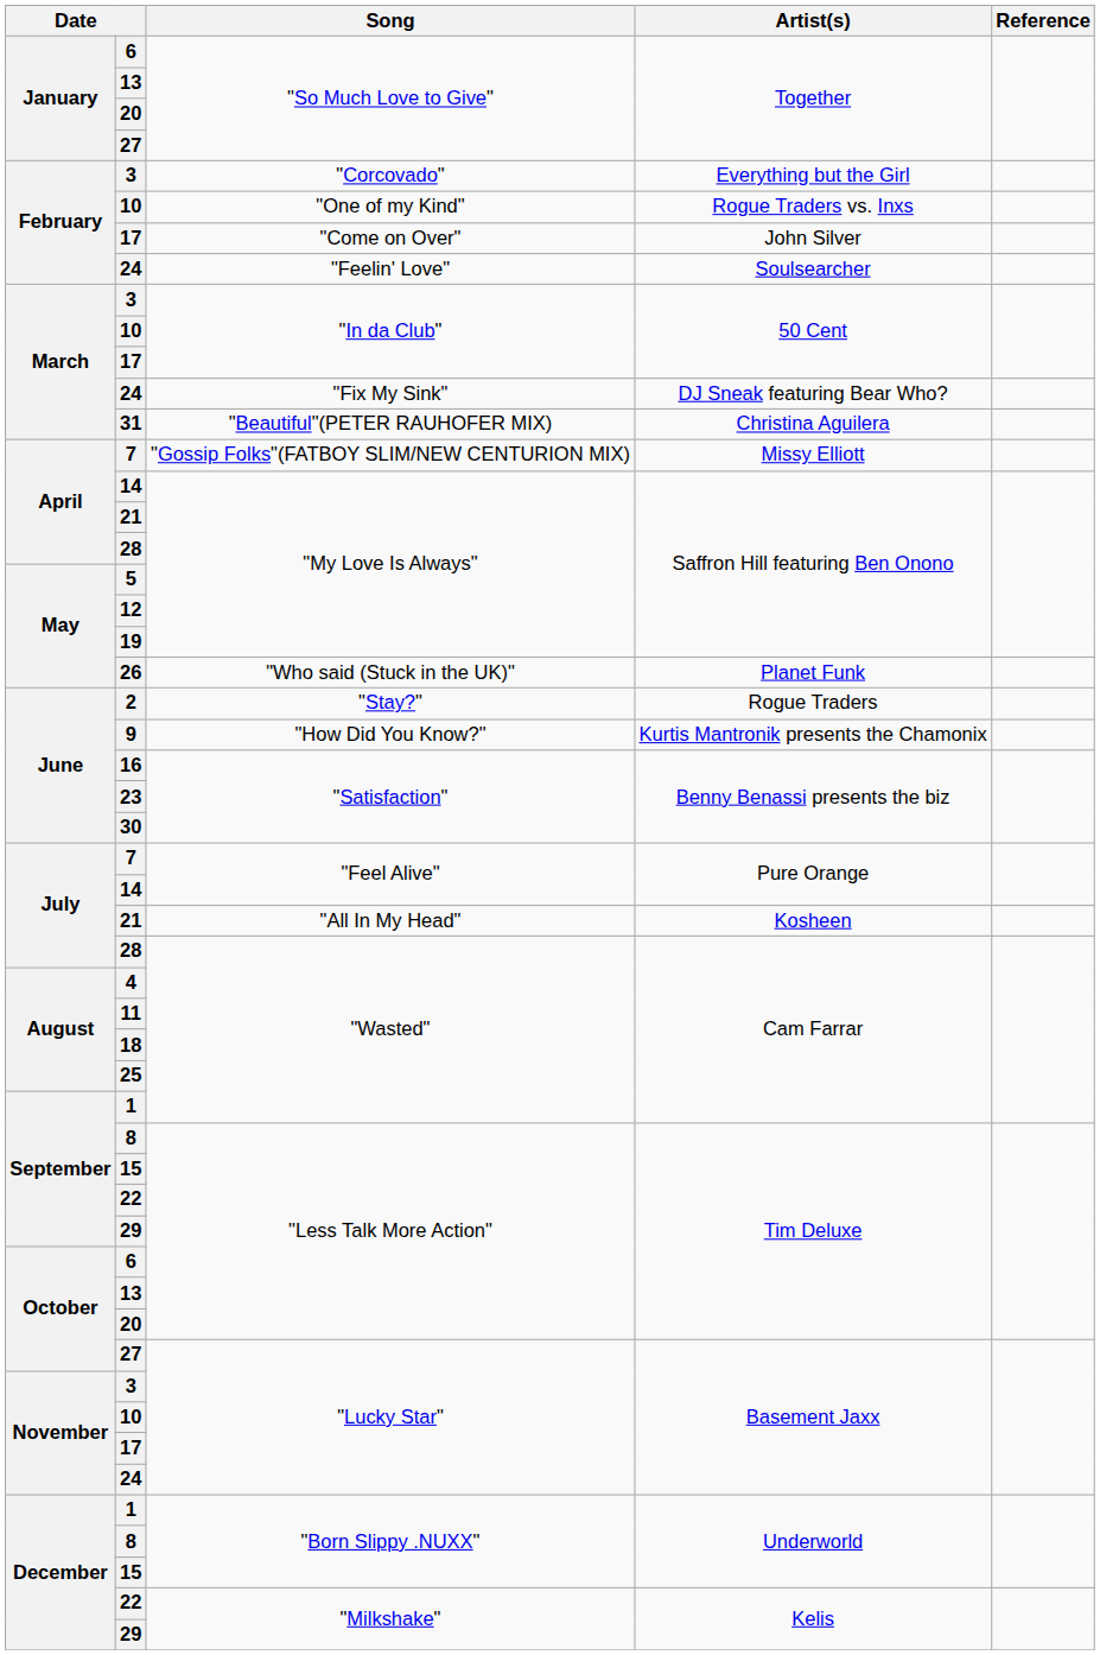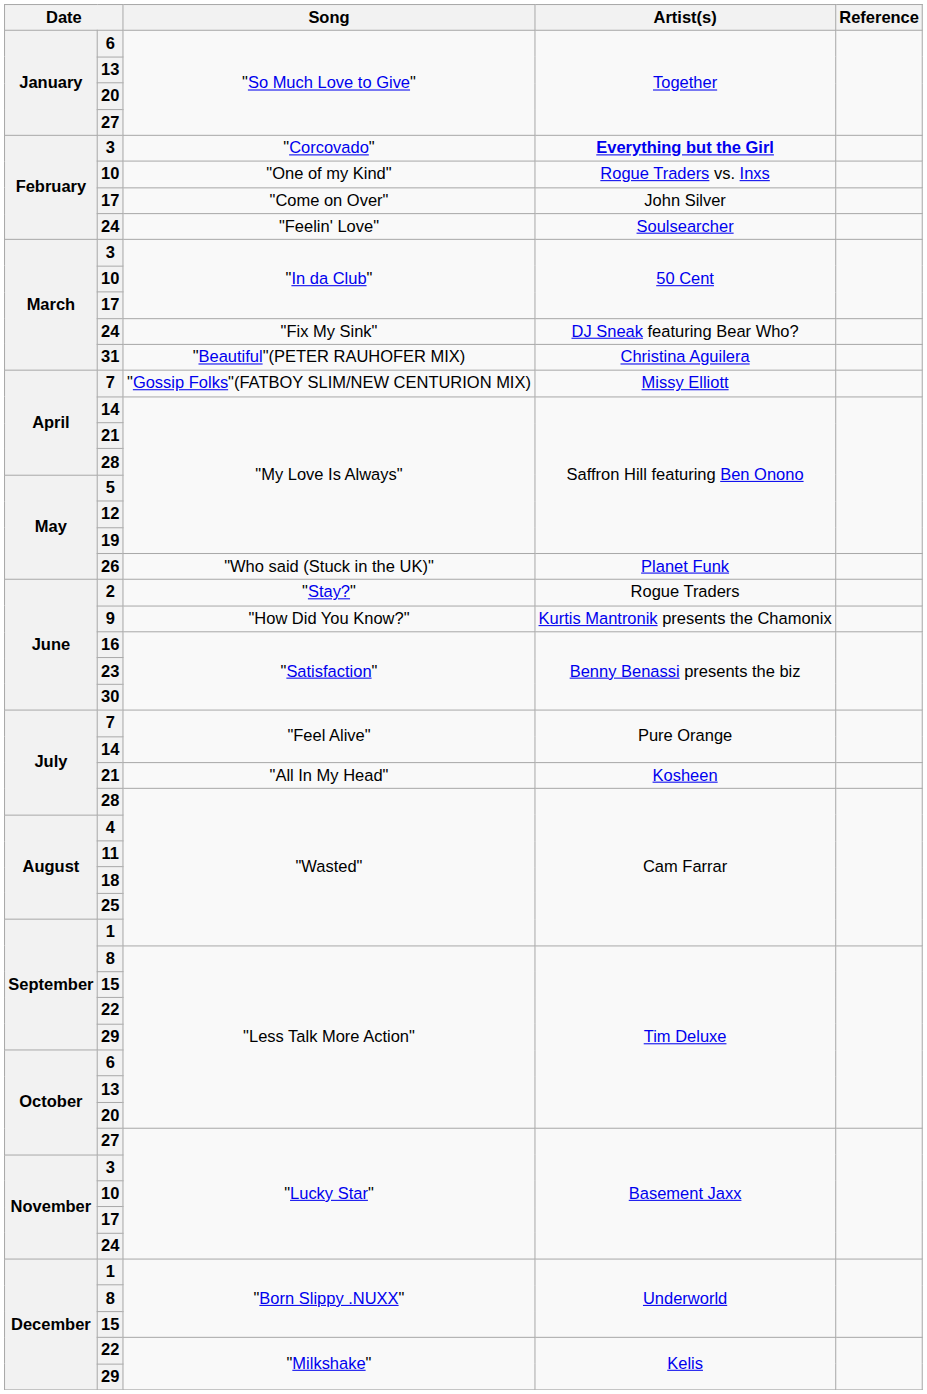 <table class="wikitable">
 <tr>
 <th colspan="2">Date</th>
 <th>Song</th>
 <th>Artist(s)</th>
 <th>Reference</th>
 </tr>
 <tr>
 <th rowspan="4">January</th>
 <th>6</th>
 <td rowspan="4" style="text-align:center;">"<a href='#'>So Much Love to Give</a>"</td>
 <td rowspan="4" style="text-align:center;"><a href='#'>Together</a></td>
 <td rowspan="4" style="text-align:center;"></td>
 </tr>
 <tr>
 <th>13</th>
 </tr>
 <tr>
 <th>20</th>
 </tr>
 <tr>
 <th>27</th>
 </tr>
 <tr>
 <th rowspan="4">February</th>
 <th>3</th>
 <td style="text-align:center;">"<a href='#'>Corcovado</a>"</td>
-<td style="text-align:center;"><a href='#'>Everything but the Girl</a></td>
+<td style="text-align:center;"><strong><a href='#'>Everything but the Girl</a></strong></td>
 <td style="text-align:center;"></td>
 </tr>
 <tr>
 <th>10</th>
 <td style="text-align:center;">"One of my Kind"</td>
 <td style="text-align:center;"><a href='#'>Rogue Traders</a> vs. <a href='#'>Inxs</a></td>
 <td style="text-align:center;"></td>
 </tr>
 <tr>
 <th>17</th>
 <td style="text-align:center;">"Come on Over"</td>
 <td style="text-align:center;">John Silver</td>
 <td style="text-align:center;"></td>
 </tr>
 <tr>
 <th>24</th>
 <td style="text-align:center;">"Feelin' Love"</td>
 <td style="text-align:center;"><a href='#'>Soulsearcher</a></td>
 <td style="text-align:center;"></td>
 </tr>
 <tr>
 <th rowspan="5">March</th>
 <th>3</th>
 <td rowspan="3" style="text-align:center;">"<a href='#'>In da Club</a>"</td>
 <td rowspan="3" style="text-align:center;"><a href='#'>50 Cent</a></td>
 <td rowspan="3" style="text-align:center;"></td>
 </tr>
 <tr>
 <th>10</th>
 </tr>
 <tr>
 <th>17</th>
 </tr>
 <tr>
 <th>24</th>
 <td style="text-align:center;">"Fix My Sink"</td>
 <td style="text-align:center;"><a href='#'>DJ Sneak</a> featuring Bear Who?</td>
 <td style="text-align:center;"></td>
 </tr>
 <tr>
 <th>31</th>
 <td style="text-align:center;">"<a href='#'>Beautiful</a>"(PETER RAUHOFER MIX)</td>
 <td style="text-align:center;"><a href='#'>Christina Aguilera</a></td>
 <td style="text-align:center;"></td>
 </tr>
 <tr>
 <th rowspan="4">April</th>
 <th>7</th>
 <td style="text-align:center;">"<a href='#'>Gossip Folks</a>"(FATBOY SLIM/NEW CENTURION MIX)</td>
 <td style="text-align:center;"><a href='#'>Missy Elliott</a></td>
 <td style="text-align:center;"></td>
 </tr>
 <tr>
 <th>14</th>
 <td rowspan="6" style="text-align:center;">"My Love Is Always"</td>
 <td rowspan="6" style="text-align:center;">Saffron Hill featuring <a href='#'>Ben Onono</a></td>
 <td rowspan="6" style="text-align:center;"></td>
 </tr>
 <tr>
 <th>21</th>
 </tr>
 <tr>
 <th>28</th>
 </tr>
 <tr>
 <th rowspan="4">May</th>
 <th>5</th>
 </tr>
 <tr>
 <th>12</th>
 </tr>
 <tr>
 <th>19</th>
 </tr>
 <tr>
 <th>26</th>
 <td style="text-align:center;">"Who said (Stuck in the UK)"</td>
 <td style="text-align:center;"><a href='#'>Planet Funk</a></td>
 <td style="text-align:center;"></td>
 </tr>
 <tr>
 <th rowspan="5">June</th>
 <th>2</th>
 <td style="text-align:center;">"<a href='#'>Stay?</a>"</td>
 <td style="text-align:center;">Rogue Traders</td>
 <td style="text-align:center;"></td>
 </tr>
 <tr>
 <th>9</th>
 <td style="text-align:center;">"How Did You Know?"</td>
 <td style="text-align:center;"><a href='#'>Kurtis Mantronik</a> presents the Chamonix</td>
 <td style="text-align:center;"></td>
 </tr>
 <tr>
 <th>16</th>
 <td rowspan="3" style="text-align:center;">"<a href='#'>Satisfaction</a>"</td>
 <td rowspan="3" style="text-align:center;"><a href='#'>Benny Benassi</a> presents the biz</td>
 <td rowspan="3" style="text-align:center;"></td>
 </tr>
 <tr>
 <th>23</th>
 </tr>
 <tr>
 <th>30</th>
 </tr>
 <tr>
 <th rowspan="4">July</th>
 <th>7</th>
 <td rowspan="2" style="text-align:center;">"Feel Alive"</td>
 <td rowspan="2" style="text-align:center;">Pure Orange</td>
 <td rowspan="2" style="text-align:center;"></td>
 </tr>
 <tr>
 <th>14</th>
 </tr>
 <tr>
 <th>21</th>
 <td style="text-align:center;">"All In My Head"</td>
 <td style="text-align:center;"><a href='#'>Kosheen</a></td>
 <td style="text-align:center;"></td>
 </tr>
 <tr>
 <th>28</th>
 <td rowspan="6" style="text-align:center;">"Wasted"</td>
 <td rowspan="6" style="text-align:center;">Cam Farrar</td>
 <td rowspan="6" style="text-align:center;"></td>
 </tr>
 <tr>
 <th rowspan="4">August</th>
 <th>4</th>
 </tr>
 <tr>
 <th>11</th>
 </tr>
 <tr>
 <th>18</th>
 </tr>
 <tr>
 <th>25</th>
 </tr>
 <tr>
 <th rowspan="5">September</th>
 <th>1</th>
 </tr>
 <tr>
 <th>8</th>
 <td rowspan="7" style="text-align:center;">"Less Talk More Action"</td>
 <td rowspan="7" style="text-align:center;"><a href='#'>Tim Deluxe</a></td>
 <td rowspan="7" style="text-align:center;"></td>
 </tr>
 <tr>
 <th>15</th>
 </tr>
 <tr>
 <th>22</th>
 </tr>
 <tr>
 <th>29</th>
 </tr>
 <tr>
 <th rowspan="4">October</th>
 <th>6</th>
 </tr>
 <tr>
 <th>13</th>
 </tr>
 <tr>
 <th>20</th>
 </tr>
 <tr>
 <th>27</th>
 <td rowspan="5" style="text-align:center;">"<a href='#'>Lucky Star</a>"</td>
 <td rowspan="5" style="text-align:center;"><a href='#'>Basement Jaxx</a></td>
 <td rowspan="5" style="text-align:center;"></td>
 </tr>
 <tr>
 <th rowspan="4">November</th>
 <th>3</th>
 </tr>
 <tr>
 <th>10</th>
 </tr>
 <tr>
 <th>17</th>
 </tr>
 <tr>
 <th>24</th>
 </tr>
 <tr>
 <th rowspan="5">December</th>
 <th>1</th>
 <td rowspan="3" style="text-align:center;">"<a href='#'>Born Slippy .NUXX</a>"</td>
 <td rowspan="3" style="text-align:center;"><a href='#'>Underworld</a></td>
 <td rowspan="3" style="text-align:center;"></td>
 </tr>
 <tr>
 <th>8</th>
 </tr>
 <tr>
 <th>15</th>
 </tr>
 <tr>
 <th>22</th>
 <td rowspan="2" style="text-align:center;">"<a href='#'>Milkshake</a>"</td>
 <td rowspan="2" style="text-align:center;"><a href='#'>Kelis</a></td>
 <td rowspan="2" style="text-align:center;"></td>
 </tr>
 <tr>
 <th>29</th>
 </tr>
 </table>
